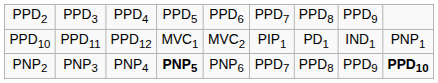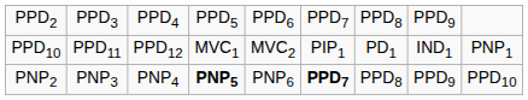 <table class="wikitable" style="text-align:center" width="500px">
 <tr>
 <td>PPD<sub>2</sub></td>
 <td>PPD<sub>3</sub></td>
 <td>PPD<sub>4</sub></td>
 <td>PPD<sub>5</sub></td>
 <td>PPD<sub>6</sub></td>
 <td>PPD<sub>7</sub></td>
 <td>PPD<sub>8</sub></td>
 <td>PPD<sub>9</sub></td>
 </tr>
 <tr>
 <td>PPD<sub>10</sub></td>
 <td>PPD<sub>11</sub></td>
 <td>PPD<sub>12</sub></td>
 <td>MVC<sub>1</sub></td>
 <td>MVC<sub>2</sub></td>
 <td>PIP<sub>1</sub></td>
 <td>PD<sub>1</sub></td>
 <td>IND<sub>1</sub></td>
 <td>PNP<sub>1</sub></td>
 </tr>
 <tr>
 <td>PNP<sub>2</sub></td>
 <td>PNP<sub>3</sub></td>
 <td>PNP<sub>4</sub></td>
 <td><strong>PNP<sub>5</sub></strong></td>
 <td>PNP<sub>6</sub></td>
-<td>PPD<sub>7</sub></td>
+<td><strong>PPD<sub>7</sub></strong></td>
 <td>PPD<sub>8</sub></td>
 <td>PPD<sub>9</sub></td>
-<td><strong>PPD<sub>10</sub></strong></td>
+<td>PPD<sub>10</sub></td>
 </tr>
 </table>
